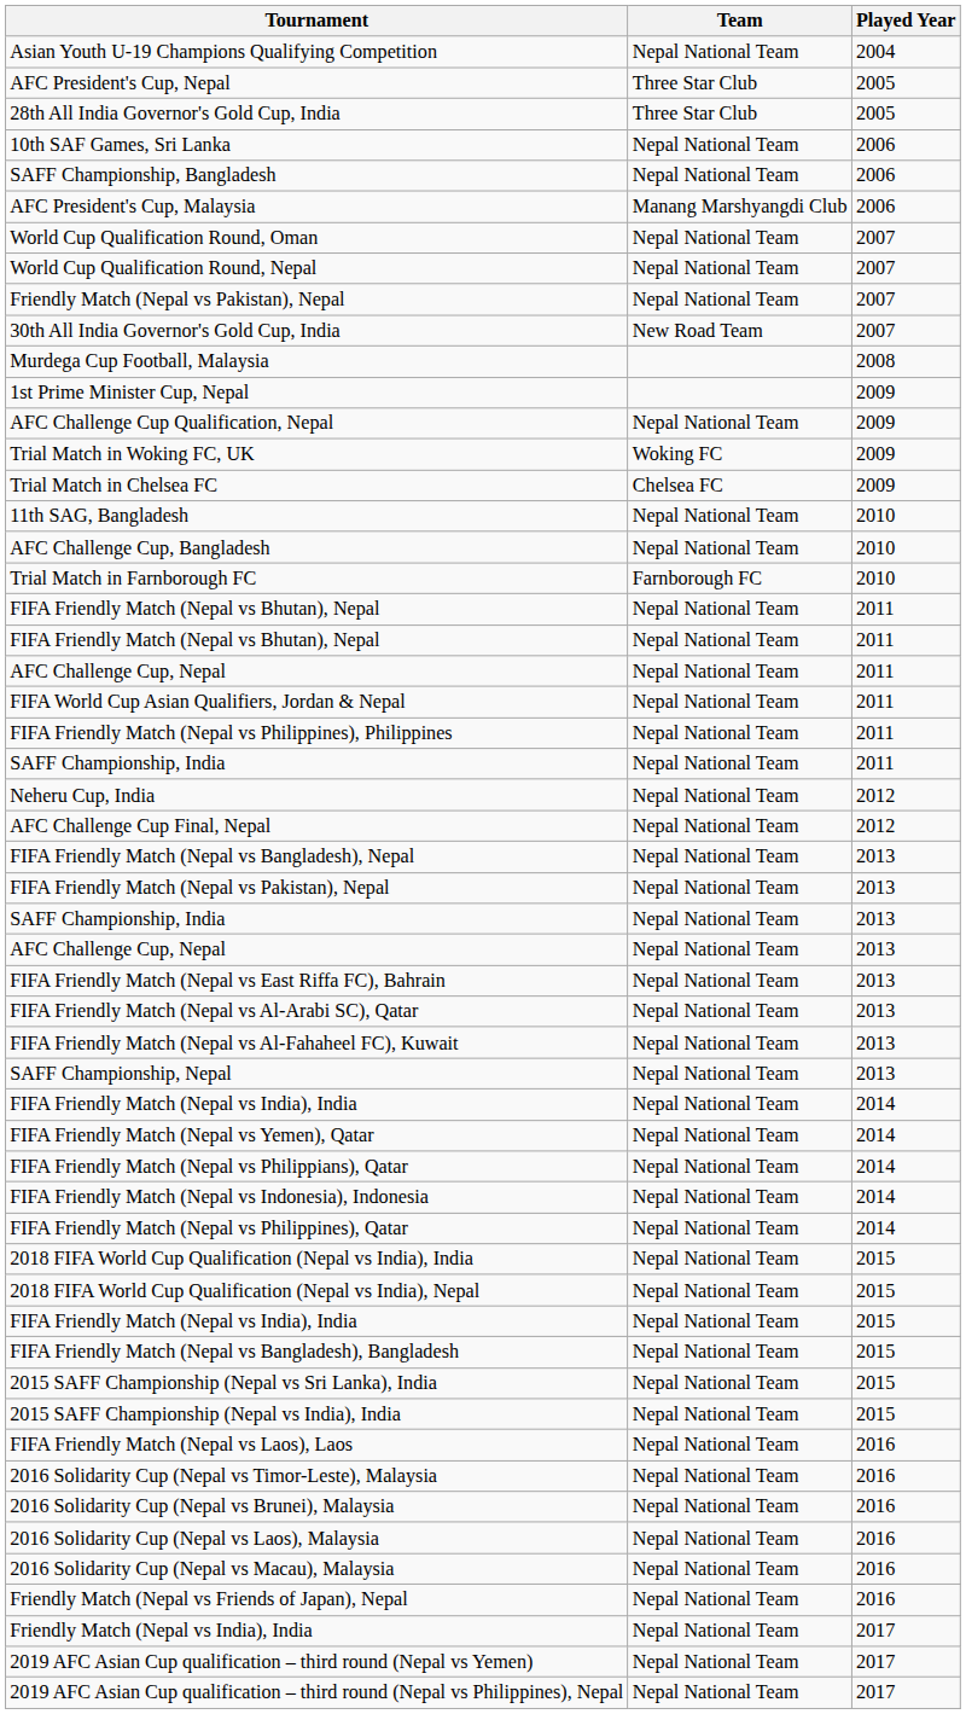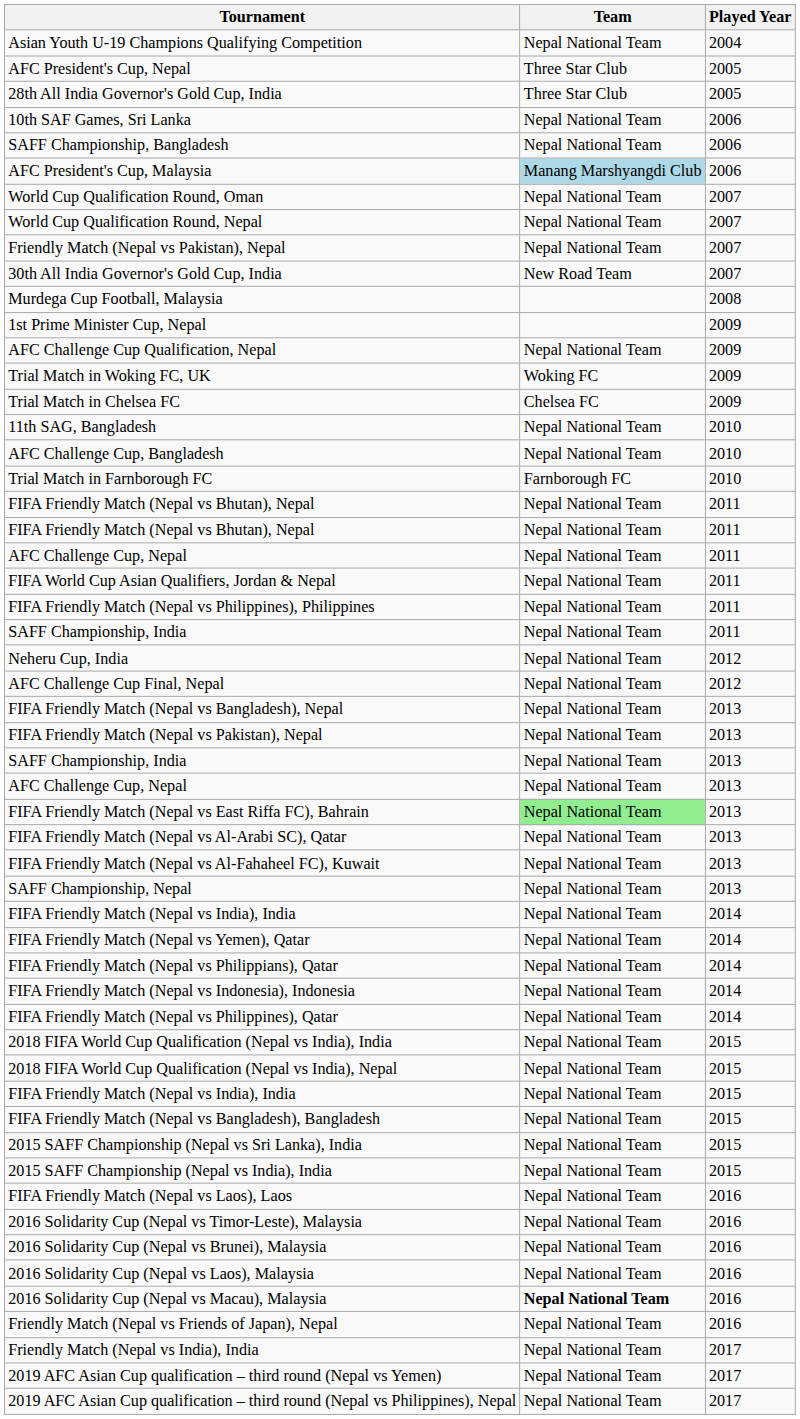 <table class="wikitable">
 <tr>
 <th>Tournament</th>
 <th>Team</th>
 <th>Played Year</th>
 </tr>
 <tr>
 <td>Asian Youth U-19 Champions Qualifying Competition</td>
 <td>Nepal National Team</td>
 <td>2004</td>
 </tr>
 <tr>
 <td>AFC President's Cup, Nepal</td>
 <td>Three Star Club</td>
 <td>2005</td>
 </tr>
 <tr>
 <td>28th All India Governor's Gold Cup, India</td>
 <td>Three Star Club</td>
 <td>2005</td>
 </tr>
 <tr>
 <td>10th SAF Games, Sri Lanka</td>
 <td>Nepal National Team</td>
 <td>2006</td>
 </tr>
 <tr>
 <td>SAFF Championship, Bangladesh</td>
 <td>Nepal National Team</td>
 <td>2006</td>
 </tr>
 <tr>
 <td>AFC President's Cup, Malaysia</td>
-<td>Manang Marshyangdi Club</td>
+<td style="background: lightblue;">Manang Marshyangdi Club</td>
 <td>2006</td>
 </tr>
 <tr>
 <td>World Cup Qualification Round, Oman</td>
 <td>Nepal National Team</td>
 <td>2007</td>
 </tr>
 <tr>
 <td>World Cup Qualification Round, Nepal</td>
 <td>Nepal National Team</td>
 <td>2007</td>
 </tr>
 <tr>
 <td>Friendly Match (Nepal vs Pakistan), Nepal</td>
 <td>Nepal National Team</td>
 <td>2007</td>
 </tr>
 <tr>
 <td>30th All India Governor's Gold Cup, India</td>
 <td>New Road Team</td>
 <td>2007</td>
 </tr>
 <tr>
 <td>Murdega Cup Football, Malaysia</td>
 <td></td>
 <td>2008</td>
 </tr>
 <tr>
 <td>1st Prime Minister Cup, Nepal</td>
 <td></td>
 <td>2009</td>
 </tr>
 <tr>
 <td>AFC Challenge Cup Qualification, Nepal</td>
 <td>Nepal National Team</td>
 <td>2009</td>
 </tr>
 <tr>
 <td>Trial Match in Woking FC, UK</td>
 <td>Woking FC</td>
 <td>2009</td>
 </tr>
 <tr>
 <td>Trial Match in Chelsea FC</td>
 <td>Chelsea FC</td>
 <td>2009</td>
 </tr>
 <tr>
 <td>11th SAG, Bangladesh</td>
 <td>Nepal National Team</td>
 <td>2010</td>
 </tr>
 <tr>
 <td>AFC Challenge Cup, Bangladesh</td>
 <td>Nepal National Team</td>
 <td>2010</td>
 </tr>
 <tr>
 <td>Trial Match in Farnborough FC</td>
 <td>Farnborough FC</td>
 <td>2010</td>
 </tr>
 <tr>
 <td>FIFA Friendly Match (Nepal vs Bhutan), Nepal</td>
 <td>Nepal National Team</td>
 <td>2011</td>
 </tr>
 <tr>
 <td>FIFA Friendly Match (Nepal vs Bhutan), Nepal</td>
 <td>Nepal National Team</td>
 <td>2011</td>
 </tr>
 <tr>
 <td>AFC Challenge Cup, Nepal</td>
 <td>Nepal National Team</td>
 <td>2011</td>
 </tr>
 <tr>
 <td>FIFA World Cup Asian Qualifiers, Jordan & Nepal</td>
 <td>Nepal National Team</td>
 <td>2011</td>
 </tr>
 <tr>
 <td>FIFA Friendly Match (Nepal vs Philippines), Philippines</td>
 <td>Nepal National Team</td>
 <td>2011</td>
 </tr>
 <tr>
 <td>SAFF Championship, India</td>
 <td>Nepal National Team</td>
 <td>2011</td>
 </tr>
 <tr>
 <td>Neheru Cup, India</td>
 <td>Nepal National Team</td>
 <td>2012</td>
 </tr>
 <tr>
 <td>AFC Challenge Cup Final, Nepal</td>
 <td>Nepal National Team</td>
 <td>2012</td>
 </tr>
 <tr>
 <td>FIFA Friendly Match (Nepal vs Bangladesh), Nepal</td>
 <td>Nepal National Team</td>
 <td>2013</td>
 </tr>
 <tr>
 <td>FIFA Friendly Match (Nepal vs Pakistan), Nepal</td>
 <td>Nepal National Team</td>
 <td>2013</td>
 </tr>
 <tr>
 <td>SAFF Championship, India</td>
 <td>Nepal National Team</td>
 <td>2013</td>
 </tr>
 <tr>
 <td>AFC Challenge Cup, Nepal</td>
 <td>Nepal National Team</td>
 <td>2013</td>
 </tr>
 <tr>
 <td>FIFA Friendly Match (Nepal vs East Riffa FC), Bahrain</td>
-<td>Nepal National Team</td>
+<td style="background: lightgreen;">Nepal National Team</td>
 <td>2013</td>
 </tr>
 <tr>
 <td>FIFA Friendly Match (Nepal vs Al-Arabi SC), Qatar</td>
 <td>Nepal National Team</td>
 <td>2013</td>
 </tr>
 <tr>
 <td>FIFA Friendly Match (Nepal vs Al-Fahaheel FC), Kuwait</td>
 <td>Nepal National Team</td>
 <td>2013</td>
 </tr>
 <tr>
 <td>SAFF Championship, Nepal</td>
 <td>Nepal National Team</td>
 <td>2013</td>
 </tr>
 <tr>
 <td>FIFA Friendly Match (Nepal vs India), India</td>
 <td>Nepal National Team</td>
 <td>2014</td>
 </tr>
 <tr>
 <td>FIFA Friendly Match (Nepal vs Yemen), Qatar</td>
 <td>Nepal National Team</td>
 <td>2014</td>
 </tr>
 <tr>
 <td>FIFA Friendly Match (Nepal vs Philippians), Qatar</td>
 <td>Nepal National Team</td>
 <td>2014</td>
 </tr>
 <tr>
 <td>FIFA Friendly Match (Nepal vs Indonesia), Indonesia</td>
 <td>Nepal National Team</td>
 <td>2014</td>
 </tr>
 <tr>
 <td>FIFA Friendly Match (Nepal vs Philippines), Qatar</td>
 <td>Nepal National Team</td>
 <td>2014</td>
 </tr>
 <tr>
 <td>2018 FIFA World Cup Qualification (Nepal vs India), India</td>
 <td>Nepal National Team</td>
 <td>2015</td>
 </tr>
 <tr>
 <td>2018 FIFA World Cup Qualification (Nepal vs India), Nepal</td>
 <td>Nepal National Team</td>
 <td>2015</td>
 </tr>
 <tr>
 <td>FIFA Friendly Match (Nepal vs India), India</td>
 <td>Nepal National Team</td>
 <td>2015</td>
 </tr>
 <tr>
 <td>FIFA Friendly Match (Nepal vs Bangladesh), Bangladesh</td>
 <td>Nepal National Team</td>
 <td>2015</td>
 </tr>
 <tr>
 <td>2015 SAFF Championship (Nepal vs Sri Lanka), India</td>
 <td>Nepal National Team</td>
 <td>2015</td>
 </tr>
 <tr>
 <td>2015 SAFF Championship (Nepal vs India), India</td>
 <td>Nepal National Team</td>
 <td>2015</td>
 </tr>
 <tr>
 <td>FIFA Friendly Match (Nepal vs Laos), Laos</td>
 <td>Nepal National Team</td>
 <td>2016</td>
 </tr>
 <tr>
 <td>2016 Solidarity Cup (Nepal vs Timor-Leste), Malaysia</td>
 <td>Nepal National Team</td>
 <td>2016</td>
 </tr>
 <tr>
 <td>2016 Solidarity Cup (Nepal vs Brunei), Malaysia</td>
 <td>Nepal National Team</td>
 <td>2016</td>
 </tr>
 <tr>
 <td>2016 Solidarity Cup (Nepal vs Laos), Malaysia</td>
 <td>Nepal National Team</td>
 <td>2016</td>
 </tr>
 <tr>
 <td>2016 Solidarity Cup (Nepal vs Macau), Malaysia</td>
-<td>Nepal National Team</td>
+<td><strong>Nepal National Team</strong></td>
 <td>2016</td>
 </tr>
 <tr>
 <td>Friendly Match (Nepal vs Friends of Japan), Nepal</td>
 <td>Nepal National Team</td>
 <td>2016</td>
 </tr>
 <tr>
 <td>Friendly Match (Nepal vs India), India</td>
 <td>Nepal National Team</td>
 <td>2017</td>
 </tr>
 <tr>
 <td>2019 AFC Asian Cup qualification – third round (Nepal vs Yemen)</td>
 <td>Nepal National Team</td>
 <td>2017</td>
 </tr>
 <tr>
 <td>2019 AFC Asian Cup qualification – third round (Nepal vs Philippines), Nepal</td>
 <td>Nepal National Team</td>
 <td>2017</td>
 </tr>
 </table>
